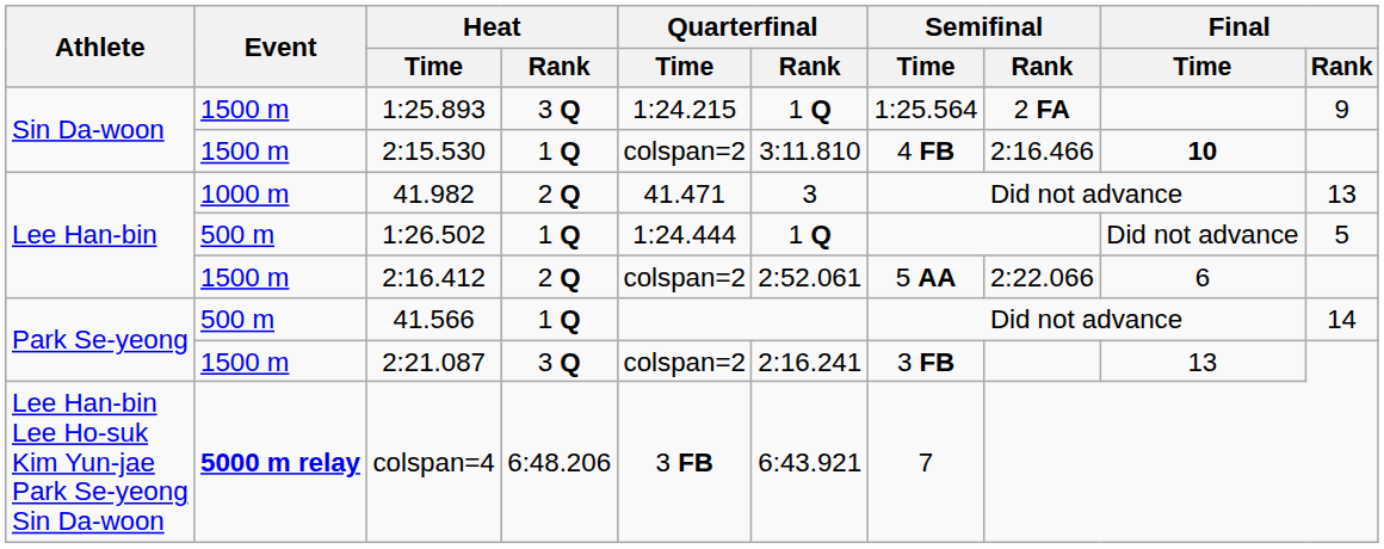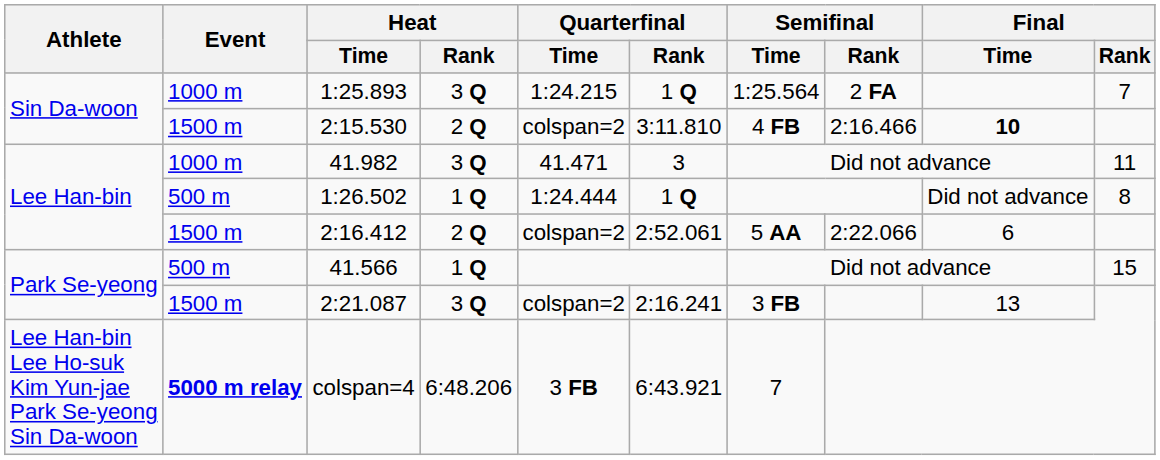 <table class="wikitable" style="font-size:90%">
 <tr>
 <th rowspan=2>Athlete</th>
 <th rowspan=2>Event</th>
 <th colspan=2>Heat</th>
 <th colspan=2>Quarterfinal</th>
 <th colspan=2>Semifinal</th>
 <th colspan=2>Final</th>
 </tr>
 <tr style="font-size:95%">
 <th>Time</th>
 <th>Rank</th>
 <th>Time</th>
 <th>Rank</th>
 <th>Time</th>
 <th>Rank</th>
 <th>Time</th>
 <th>Rank</th>
 </tr>
 <tr align=center>
 <td align=left rowspan=2><a href='#'>Sin Da-woon</a></td>
-<td align=left><a href='#'>1500 m</a></td>
+<td align=left><a href='#'>1000 m</a></td>
 <td>1:25.893</td>
 <td>3 <strong>Q</strong></td>
 <td>1:24.215</td>
 <td>1 <strong>Q</strong></td>
 <td>1:25.564</td>
 <td>2 <strong>FA</strong></td>
 <td></td>
-<td>9</td>
+<td>7</td>
 </tr>
 <tr align=center>
 <td align=left><a href='#'>1500 m</a></td>
 <td>2:15.530</td>
-<td>1 <strong>Q</strong></td>
+<td>2 <strong>Q</strong></td>
 <td>colspan=2 </td>
 <td>3:11.810</td>
 <td>4 <strong>FB</strong></td>
 <td>2:16.466</td>
 <td><strong>10</strong></td>
 </tr>
 <tr align=center>
 <td align=left rowspan=3><a href='#'>Lee Han-bin</a></td>
 <td align=left><a href='#'>1000 m</a></td>
 <td>41.982</td>
-<td>2 <strong>Q</strong></td>
+<td>3 <strong>Q</strong></td>
 <td>41.471</td>
 <td>3</td>
 <td colspan=3>Did not advance</td>
-<td>13</td>
+<td>11</td>
 </tr>
 <tr align=center>
 <td align=left><a href='#'>500 m</a></td>
 <td>1:26.502</td>
 <td>1 <strong>Q</strong></td>
 <td>1:24.444</td>
 <td>1 <strong>Q</strong></td>
 <td colspan=2></td>
 <td>Did not advance</td>
-<td>5</td>
+<td>8</td>
 </tr>
 <tr align=center>
 <td align=left><a href='#'>1500 m</a></td>
 <td>2:16.412</td>
 <td>2 <strong>Q</strong></td>
 <td>colspan=2 </td>
 <td>2:52.061</td>
 <td>5 <strong>AA</strong></td>
 <td>2:22.066</td>
 <td>6</td>
 </tr>
 <tr align=center>
 <td align=left rowspan=2><a href='#'>Park Se-yeong</a></td>
 <td align=left><a href='#'>500 m</a></td>
 <td>41.566</td>
 <td>1 <strong>Q</strong></td>
 <td colspan=2></td>
 <td colspan=3>Did not advance</td>
-<td>14</td>
+<td>15</td>
 </tr>
 <tr align=center>
 <td align=left><a href='#'>1500 m</a></td>
 <td>2:21.087</td>
 <td>3 <strong>Q</strong></td>
 <td>colspan=2 </td>
 <td>2:16.241</td>
 <td>3 <strong>FB</strong></td>
 <td></td>
 <td>13</td>
 </tr>
 <tr align=center>
 <td align=left><a href='#'>Lee Han-bin</a> <br> <a href='#'>Lee Ho-suk</a> <br><a href='#'>Kim Yun-jae</a><br><a href='#'>Park Se-yeong</a> <br> <a href='#'>Sin Da-woon</a></td>
 <td align=left><strong><a href='#'>5000 m relay</a></strong></td>
 <td>colspan=4 </td>
 <td>6:48.206</td>
 <td>3 <strong>FB</strong></td>
 <td>6:43.921</td>
 <td>7</td>
 </tr>
 </table>
